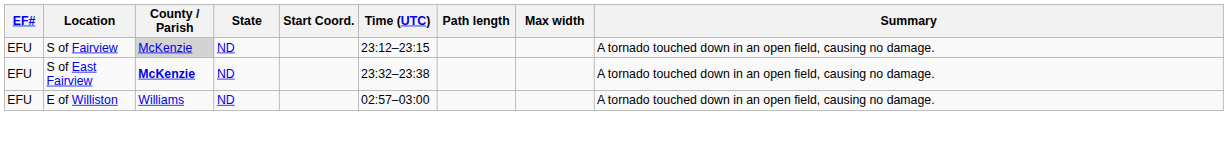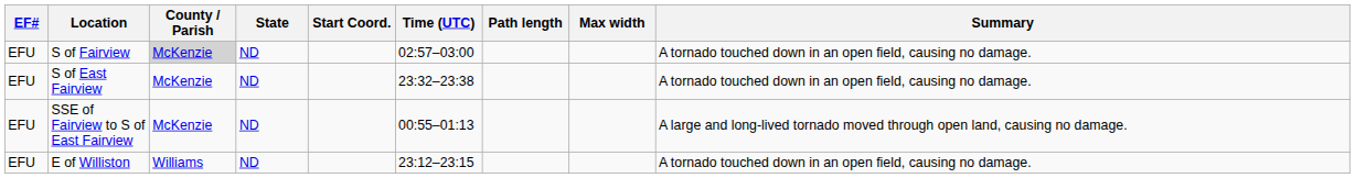 <table class="wikitable sortable" style="width:100%;">
 <tr>
 <th scope="col"  style="width:3%; text-align:center;"><a href='#'>EF#</a></th>
 <th scope="col"  style="width:7%; text-align:center;" class="unsortable">Location</th>
 <th scope="col"  style="width:6%; text-align:center;" class="unsortable">County / Parish</th>
 <th scope="col"  style="width:5%; text-align:center;">State</th>
 <th scope="col"  style="width:6%; text-align:center;">Start Coord.</th>
 <th scope="col"  style="width:6%; text-align:center;">Time (<a href='#'>UTC</a>)</th>
 <th scope="col"  style="width:6%; text-align:center;">Path length</th>
 <th scope="col"  style="width:6%; text-align:center;">Max width</th>
 <th scope="col" class="unsortable" style="width:48%; text-align:center;">Summary</th>
 </tr>
 <tr>
 <td>EFU</td>
 <td>S of <a href='#'>Fairview</a></td>
 <td style="background: lightgrey;"><a href='#'>McKenzie</a></td>
 <td><a href='#'>ND</a></td>
 <td></td>
-<td>23:12–23:15</td>
+<td>02:57–03:00</td>
 <td></td>
 <td></td>
 <td>A tornado touched down in an open field, causing no damage.</td>
 </tr>
 <tr>
 <td>EFU</td>
 <td>S of <a href='#'>East Fairview</a></td>
-<td><strong><a href='#'>McKenzie</a></strong></td>
+<td><a href='#'>McKenzie</a></td>
 <td><a href='#'>ND</a></td>
 <td></td>
 <td>23:32–23:38</td>
 <td></td>
 <td></td>
 <td>A tornado touched down in an open field, causing no damage.</td>
 </tr>
 <tr>
 <td>EFU</td>
+<td>SSE of <a href='#'>Fairview</a> to S of <a href='#'>East Fairview</a></td>
+<td><a href='#'>McKenzie</a></td>
+<td><a href='#'>ND</a></td>
+<td></td>
+<td>00:55–01:13</td>
+<td></td>
+<td></td>
+<td>A large and long-lived tornado moved through open land, causing no damage.</td>
+</tr>
+<tr>
+<td>EFU</td>
 <td>E of <a href='#'>Williston</a></td>
 <td><a href='#'>Williams</a></td>
 <td><a href='#'>ND</a></td>
 <td></td>
-<td>02:57–03:00</td>
+<td>23:12–23:15</td>
 <td></td>
 <td></td>
 <td>A tornado touched down in an open field, causing no damage.</td>
 </tr>
 </table>
